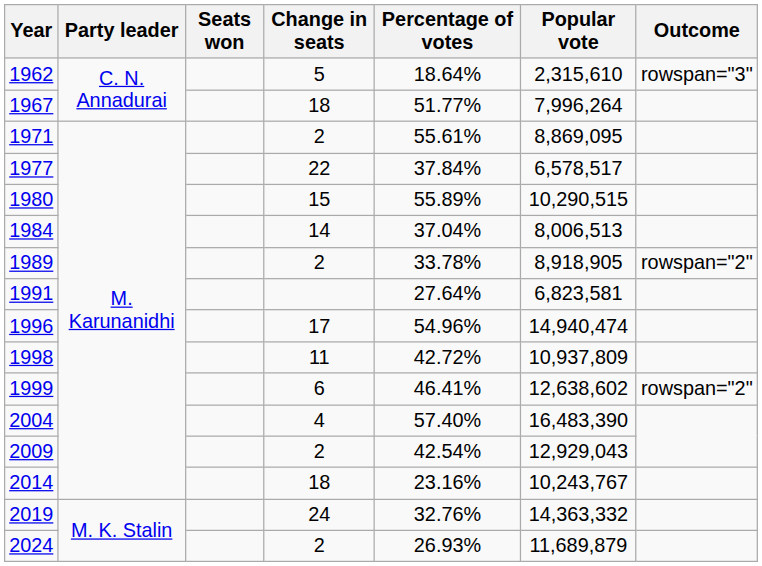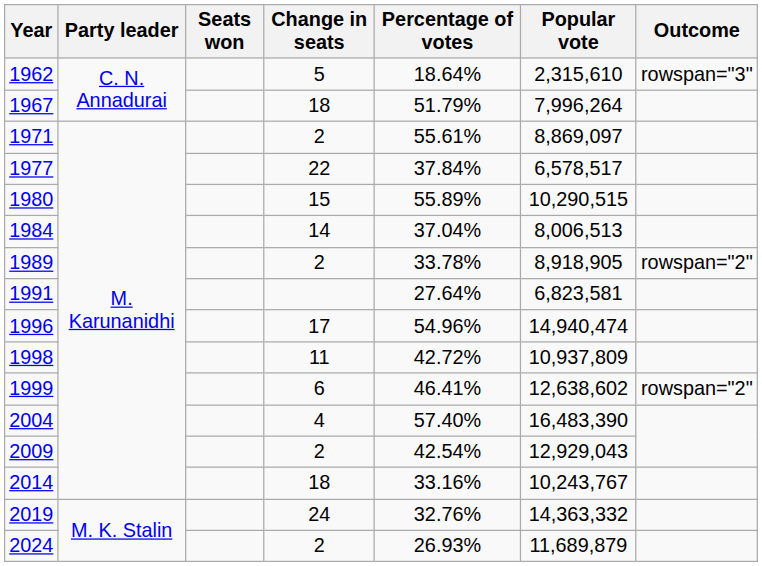 <table class="wikitable sortable" style="text-align:center;">
 <tr>
 <th style="background-color:">Year</th>
 <th style="background-color:">Party leader</th>
 <th style="background-color:">Seats won</th>
 <th style="background-color:">Change in seats</th>
 <th style="background-color:">Percentage of votes</th>
 <th style="background-color:">Popular vote</th>
 <th style="background-color:">Outcome</th>
 </tr>
 <tr>
 <td><a href='#'>1962</a></td>
 <td rowspan=2><a href='#'>C. N. Annadurai</a></td>
 <td></td>
 <td> 5</td>
 <td>18.64%</td>
 <td>2,315,610</td>
 <td>rowspan="3" </td>
 </tr>
 <tr>
 <td><a href='#'>1967</a></td>
 <td></td>
 <td> 18</td>
-<td>51.77%</td>
+<td>51.79%</td>
 <td>7,996,264</td>
 </tr>
 <tr>
 <td><a href='#'>1971</a></td>
 <td rowspan=12><a href='#'>M. Karunanidhi</a></td>
 <td></td>
 <td> 2</td>
 <td>55.61%</td>
-<td>8,869,095</td>
+<td>8,869,097</td>
 <td></td>
 </tr>
 <tr>
 <td><a href='#'>1977</a></td>
 <td></td>
 <td> 22</td>
 <td>37.84%</td>
 <td>6,578,517</td>
 <td></td>
 </tr>
 <tr>
 <td><a href='#'>1980</a></td>
 <td></td>
 <td> 15</td>
 <td>55.89%</td>
 <td>10,290,515</td>
 <td></td>
 </tr>
 <tr>
 <td><a href='#'>1984</a></td>
 <td></td>
 <td> 14</td>
 <td>37.04%</td>
 <td>8,006,513</td>
 <td></td>
 </tr>
 <tr>
 <td><a href='#'>1989</a></td>
 <td></td>
 <td> 2</td>
 <td>33.78%</td>
 <td>8,918,905</td>
 <td>rowspan="2" </td>
 </tr>
 <tr>
 <td><a href='#'>1991</a></td>
 <td></td>
 <td></td>
 <td>27.64%</td>
 <td>6,823,581</td>
 </tr>
 <tr>
 <td><a href='#'>1996</a></td>
 <td></td>
 <td> 17</td>
 <td>54.96%</td>
 <td>14,940,474</td>
 <td></td>
 </tr>
 <tr>
 <td><a href='#'>1998</a></td>
 <td></td>
 <td> 11</td>
 <td>42.72%</td>
 <td>10,937,809</td>
 <td></td>
 </tr>
 <tr>
 <td><a href='#'>1999</a></td>
 <td></td>
 <td> 6</td>
 <td>46.41%</td>
 <td>12,638,602</td>
 <td>rowspan="2" </td>
 </tr>
 <tr>
 <td><a href='#'>2004</a></td>
 <td></td>
 <td> 4</td>
 <td>57.40%</td>
 <td>16,483,390</td>
 </tr>
 <tr>
 <td><a href='#'>2009</a></td>
 <td></td>
 <td> 2</td>
 <td>42.54%</td>
 <td>12,929,043</td>
 </tr>
 <tr>
 <td><a href='#'>2014</a></td>
 <td></td>
 <td> 18</td>
-<td>23.16%</td>
+<td>33.16%</td>
 <td>10,243,767</td>
 <td></td>
 </tr>
 <tr>
 <td><a href='#'>2019</a></td>
 <td rowspan=2><a href='#'>M. K. Stalin</a></td>
 <td></td>
 <td> 24</td>
 <td>32.76%</td>
 <td>14,363,332</td>
 <td></td>
 </tr>
 <tr>
 <td><a href='#'>2024</a></td>
 <td></td>
 <td> 2</td>
 <td>26.93%</td>
 <td 11,689,879>11,689,879</td>
 <td></td>
 </tr>
 </table>
